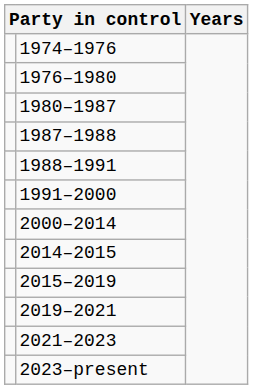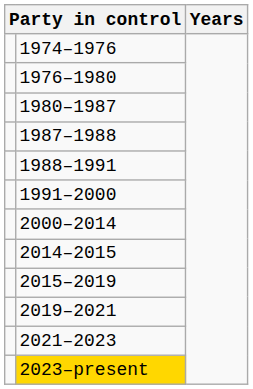 <table class="wikitable">
 <tr>
 <th colspan=2>Party in control</th>
 <th>Years</th>
 </tr>
 <tr>
 <td></td>
 <td>1974–1976</td>
 </tr>
 <tr>
 <td></td>
 <td>1976–1980</td>
 </tr>
 <tr>
 <td></td>
 <td>1980–1987</td>
 </tr>
 <tr>
 <td></td>
 <td>1987–1988</td>
 </tr>
 <tr>
 <td></td>
 <td>1988–1991</td>
 </tr>
 <tr>
 <td></td>
 <td>1991–2000</td>
 </tr>
 <tr>
 <td></td>
 <td>2000–2014</td>
 </tr>
 <tr>
 <td></td>
 <td>2014–2015</td>
 </tr>
 <tr>
 <td></td>
 <td>2015–2019</td>
 </tr>
 <tr>
 <td></td>
 <td>2019–2021</td>
 </tr>
 <tr>
 <td></td>
 <td>2021–2023</td>
 </tr>
 <tr>
 <td></td>
-<td>2023–present</td>
+<td style="background: gold;">2023–present</td>
 </tr>
 </table>
